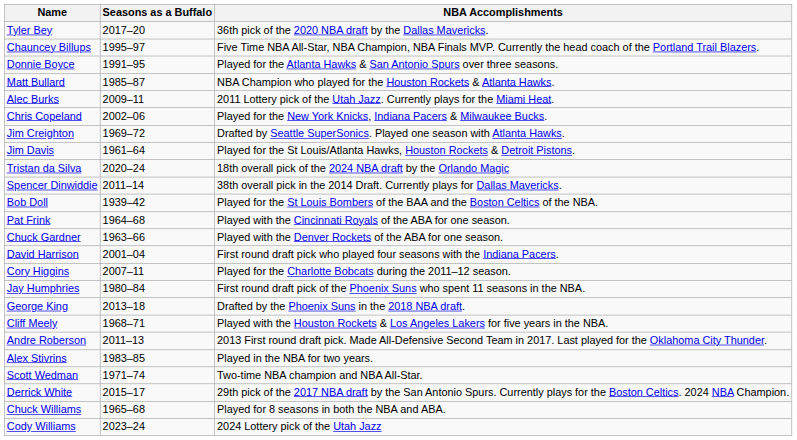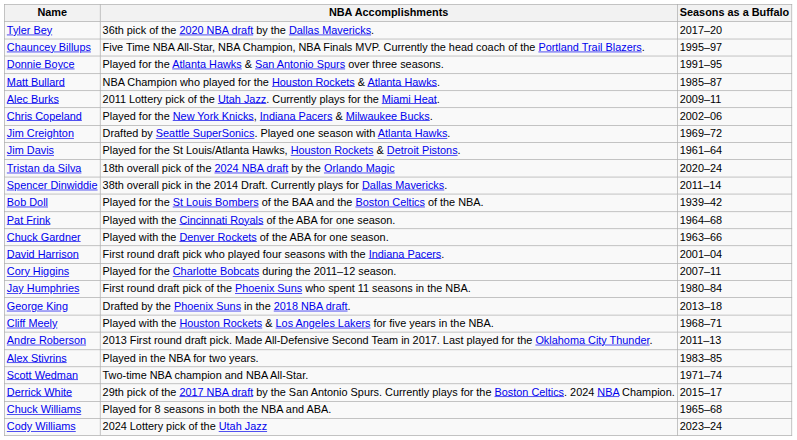 <table class="wikitable">
 <tr>
 <th>Name</th>
+<th>NBA Accomplishments</th>
 <th>Seasons as a Buffalo</th>
-<th>NBA Accomplishments</th>
 </tr>
 <tr>
 <td><a href='#'>Tyler Bey</a></td>
+<td>36th pick of the <a href='#'>2020 NBA draft</a> by the <a href='#'>Dallas Mavericks</a>.</td>
 <td>2017–20</td>
-<td>36th pick of the <a href='#'>2020 NBA draft</a> by the <a href='#'>Dallas Mavericks</a>.</td>
 </tr>
 <tr>
 <td><a href='#'>Chauncey Billups</a></td>
+<td>Five Time NBA All-Star, NBA Champion, NBA Finals MVP. Currently the head coach of the <a href='#'>Portland Trail Blazers</a>.</td>
 <td>1995–97</td>
-<td>Five Time NBA All-Star, NBA Champion, NBA Finals MVP. Currently the head coach of the <a href='#'>Portland Trail Blazers</a>.</td>
 </tr>
 <tr>
 <td><a href='#'>Donnie Boyce</a></td>
+<td>Played for the <a href='#'>Atlanta Hawks</a> & <a href='#'>San Antonio Spurs</a> over three seasons.</td>
 <td>1991–95</td>
-<td>Played for the <a href='#'>Atlanta Hawks</a> & <a href='#'>San Antonio Spurs</a> over three seasons.</td>
 </tr>
 <tr>
 <td><a href='#'>Matt Bullard</a></td>
+<td>NBA Champion who played for the <a href='#'>Houston Rockets</a> & <a href='#'>Atlanta Hawks</a>.</td>
 <td>1985–87</td>
-<td>NBA Champion who played for the <a href='#'>Houston Rockets</a> & <a href='#'>Atlanta Hawks</a>.</td>
 </tr>
 <tr>
 <td><a href='#'>Alec Burks</a></td>
+<td>2011 Lottery pick of the <a href='#'>Utah Jazz</a>. Currently plays for the <a href='#'>Miami Heat</a>.</td>
 <td>2009–11</td>
-<td>2011 Lottery pick of the <a href='#'>Utah Jazz</a>. Currently plays for the <a href='#'>Miami Heat</a>.</td>
 </tr>
 <tr>
 <td><a href='#'>Chris Copeland</a></td>
+<td>Played for the <a href='#'>New York Knicks</a>, <a href='#'>Indiana Pacers</a> & <a href='#'>Milwaukee Bucks</a>.</td>
 <td>2002–06</td>
-<td>Played for the <a href='#'>New York Knicks</a>, <a href='#'>Indiana Pacers</a> & <a href='#'>Milwaukee Bucks</a>.</td>
 </tr>
 <tr>
 <td><a href='#'>Jim Creighton</a></td>
+<td>Drafted by <a href='#'>Seattle SuperSonics</a>. Played one season with <a href='#'>Atlanta Hawks</a>.</td>
 <td>1969–72</td>
-<td>Drafted by <a href='#'>Seattle SuperSonics</a>. Played one season with <a href='#'>Atlanta Hawks</a>.</td>
 </tr>
 <tr>
 <td><a href='#'>Jim Davis</a></td>
+<td>Played for the St Louis/Atlanta Hawks, <a href='#'>Houston Rockets</a> & <a href='#'>Detroit Pistons</a>.</td>
 <td>1961–64</td>
-<td>Played for the St Louis/Atlanta Hawks, <a href='#'>Houston Rockets</a> & <a href='#'>Detroit Pistons</a>.</td>
 </tr>
 <tr>
 <td><a href='#'>Tristan da Silva</a></td>
+<td>18th overall pick of the <a href='#'>2024 NBA draft</a> by the <a href='#'>Orlando Magic</a></td>
 <td>2020–24</td>
-<td>18th overall pick of the <a href='#'>2024 NBA draft</a> by the <a href='#'>Orlando Magic</a></td>
 </tr>
 <tr>
 <td><a href='#'>Spencer Dinwiddie</a></td>
+<td>38th overall pick in the 2014 Draft. Currently plays for <a href='#'>Dallas Mavericks</a>.</td>
 <td>2011–14</td>
-<td>38th overall pick in the 2014 Draft. Currently plays for <a href='#'>Dallas Mavericks</a>.</td>
 </tr>
 <tr>
 <td><a href='#'>Bob Doll</a></td>
+<td>Played for the <a href='#'>St Louis Bombers</a> of the BAA and the <a href='#'>Boston Celtics</a> of the NBA.</td>
 <td>1939–42</td>
-<td>Played for the <a href='#'>St Louis Bombers</a> of the BAA and the <a href='#'>Boston Celtics</a> of the NBA.</td>
 </tr>
 <tr>
 <td><a href='#'>Pat Frink</a></td>
+<td>Played with the <a href='#'>Cincinnati Royals</a> of the ABA for one season.</td>
 <td>1964–68</td>
-<td>Played with the <a href='#'>Cincinnati Royals</a> of the ABA for one season.</td>
 </tr>
 <tr>
 <td><a href='#'>Chuck Gardner</a></td>
+<td>Played with the <a href='#'>Denver Rockets</a> of the ABA for one season.</td>
 <td>1963–66</td>
-<td>Played with the <a href='#'>Denver Rockets</a> of the ABA for one season.</td>
 </tr>
 <tr>
 <td><a href='#'>David Harrison</a></td>
+<td>First round draft pick who played four seasons with the <a href='#'>Indiana Pacers</a>.</td>
 <td>2001–04</td>
-<td>First round draft pick who played four seasons with the <a href='#'>Indiana Pacers</a>.</td>
 </tr>
 <tr>
 <td><a href='#'>Cory Higgins</a></td>
+<td>Played for the <a href='#'>Charlotte Bobcats</a> during the 2011–12 season.</td>
 <td>2007–11</td>
-<td>Played for the <a href='#'>Charlotte Bobcats</a> during the 2011–12 season.</td>
 </tr>
 <tr>
 <td><a href='#'>Jay Humphries</a></td>
+<td>First round draft pick of the <a href='#'>Phoenix Suns</a> who spent 11 seasons in the NBA.</td>
 <td>1980–84</td>
-<td>First round draft pick of the <a href='#'>Phoenix Suns</a> who spent 11 seasons in the NBA.</td>
 </tr>
 <tr>
 <td><a href='#'>George King</a></td>
+<td>Drafted by the <a href='#'>Phoenix Suns</a> in the <a href='#'>2018 NBA draft</a>.</td>
 <td>2013–18</td>
-<td>Drafted by the <a href='#'>Phoenix Suns</a> in the <a href='#'>2018 NBA draft</a>.</td>
 </tr>
 <tr>
 <td><a href='#'>Cliff Meely</a></td>
+<td>Played with the <a href='#'>Houston Rockets</a> & <a href='#'>Los Angeles Lakers</a> for five years in the NBA.</td>
 <td>1968–71</td>
-<td>Played with the <a href='#'>Houston Rockets</a> & <a href='#'>Los Angeles Lakers</a> for five years in the NBA.</td>
 </tr>
 <tr>
 <td><a href='#'>Andre Roberson</a></td>
+<td>2013 First round draft pick. Made All-Defensive Second Team in 2017. Last played for the <a href='#'>Oklahoma City Thunder</a>.</td>
 <td>2011–13</td>
-<td>2013 First round draft pick. Made All-Defensive Second Team in 2017. Last played for the <a href='#'>Oklahoma City Thunder</a>.</td>
 </tr>
 <tr>
 <td><a href='#'>Alex Stivrins</a></td>
+<td>Played in the NBA for two years.</td>
 <td>1983–85</td>
-<td>Played in the NBA for two years.</td>
 </tr>
 <tr>
 <td><a href='#'>Scott Wedman</a></td>
+<td>Two-time NBA champion and NBA All-Star.</td>
 <td>1971–74</td>
-<td>Two-time NBA champion and NBA All-Star.</td>
 </tr>
 <tr>
 <td><a href='#'>Derrick White</a></td>
+<td>29th pick of the <a href='#'>2017 NBA draft</a> by the San Antonio Spurs. Currently plays for the <a href='#'>Boston Celtics</a>. 2024 <a href='#'>NBA</a> Champion.</td>
 <td>2015–17</td>
-<td>29th pick of the <a href='#'>2017 NBA draft</a> by the San Antonio Spurs. Currently plays for the <a href='#'>Boston Celtics</a>. 2024 <a href='#'>NBA</a> Champion.</td>
 </tr>
 <tr>
 <td><a href='#'>Chuck Williams</a></td>
+<td>Played for 8 seasons in both the NBA and ABA.</td>
 <td>1965–68</td>
-<td>Played for 8 seasons in both the NBA and ABA.</td>
 </tr>
 <tr>
 <td><a href='#'>Cody Williams</a></td>
+<td>2024 Lottery pick of the <a href='#'>Utah Jazz</a></td>
 <td>2023–24</td>
-<td>2024 Lottery pick of the <a href='#'>Utah Jazz</a></td>
 </tr>
 </table>
